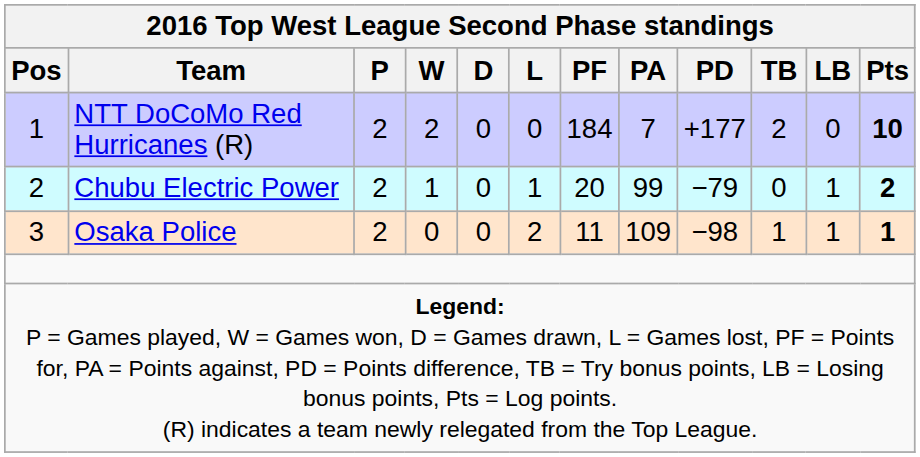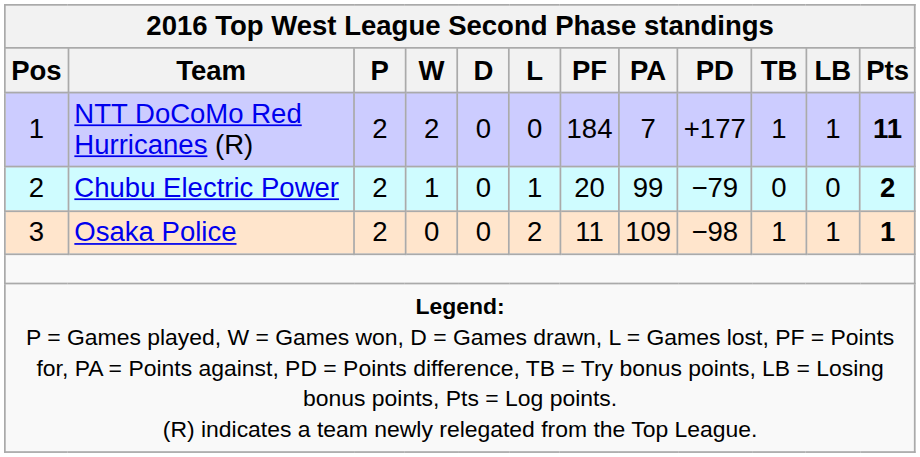 <table class="wikitable" style="text-align:center; font-size:100%; width:60%;">
 <tr>
 <th colspan="100%" cellpadding="0" cellspacing="0"><strong>2016 Top West League Second Phase standings</strong></th>
 </tr>
 <tr>
 <th style="width:6%;">Pos</th>
 <th style="width:34%;">Team</th>
 <th style="width:6%;">P</th>
 <th style="width:6%;">W</th>
 <th style="width:6%;">D</th>
 <th style="width:6%;">L</th>
 <th style="width:6%;">PF</th>
 <th style="width:6%;">PA</th>
 <th style="width:6%;">PD</th>
 <th style="width:6%;">TB</th>
 <th style="width:6%;">LB</th>
 <th style="width:6%;">Pts<br></th>
 </tr>
 <tr style="background:#CCCCFF;">
 <td>1</td>
 <td style="text-align:left;"><a href='#'>NTT DoCoMo Red Hurricanes</a> (R)</td>
 <td>2</td>
 <td>2</td>
 <td>0</td>
 <td>0</td>
 <td>184</td>
 <td>7</td>
 <td>+177</td>
-<td>2</td>
-<td>0</td>
-<td><strong>10</strong></td>
+<td>1</td>
+<td>1</td>
+<td><strong>11</strong></td>
 </tr>
 <tr style="background:#CFFCFF;">
 <td>2</td>
 <td style="text-align:left;"><a href='#'>Chubu Electric Power</a></td>
 <td>2</td>
 <td>1</td>
 <td>0</td>
 <td>1</td>
 <td>20</td>
 <td>99</td>
 <td>−79</td>
 <td>0</td>
-<td>1</td>
+<td>0</td>
 <td><strong>2</strong></td>
 </tr>
 <tr style="background:#FFE5CC;">
 <td>3</td>
 <td style="text-align:left;"><a href='#'>Osaka Police</a></td>
 <td>2</td>
 <td>0</td>
 <td>0</td>
 <td>2</td>
 <td>11</td>
 <td>109</td>
 <td>−98</td>
 <td>1</td>
 <td>1</td>
 <td><strong>1</strong></td>
 </tr>
 <tr>
 <td colspan="100%" style="height:10px;"></td>
 </tr>
 <tr>
 <td colspan="100%"><small><strong>Legend:</strong> <br> P = Games played, W = Games won, D = Games drawn, L = Games lost, PF = Points for, PA = Points against, PD = Points difference, TB = Try bonus points, LB = Losing bonus points, Pts = Log points. <br> (R) indicates a team newly relegated from the Top League.</small></td>
 </tr>
 </table>
